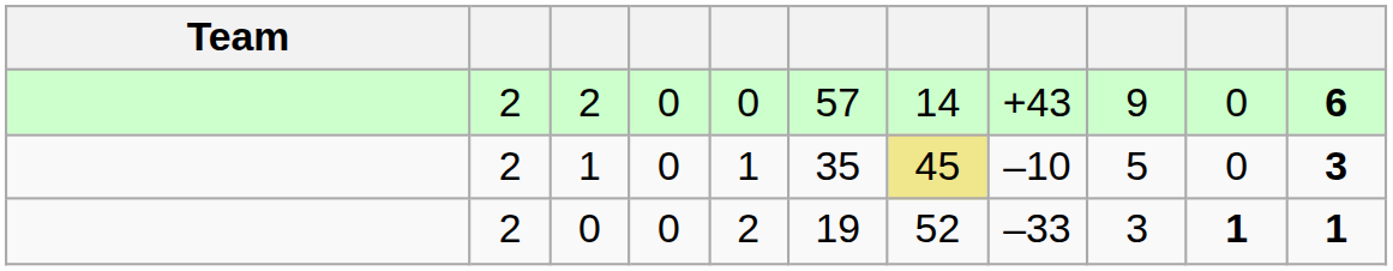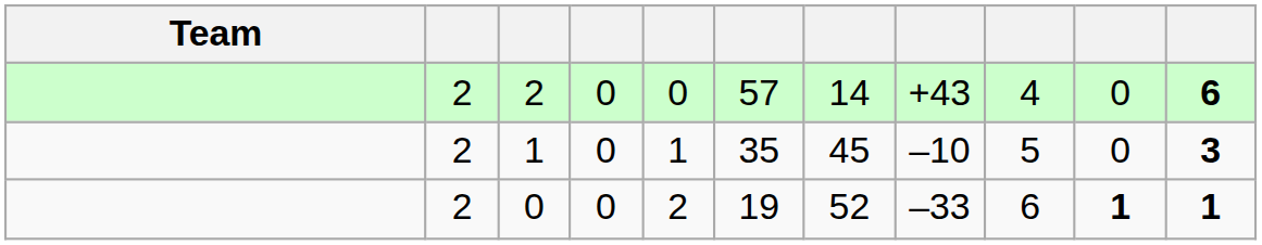 <table class="wikitable" style="text-align:center;">
 <tr>
 <th style="width:11.0em;">Team</th>
 <th style="width:1.5em;"></th>
 <th style="width:1.5em;"></th>
 <th style="width:1.5em;"></th>
 <th style="width:1.5em;"></th>
 <th style="width:2.0em;"></th>
 <th style="width:2.0em;"></th>
 <th style="width:2.0em;"></th>
 <th style="width:2.0em;"></th>
 <th style="width:2.0em;"></th>
 <th style="width:2.0em;"></th>
 </tr>
 <tr bgcolor=#cfc>
 <td align="left"></td>
 <td>2</td>
 <td>2</td>
 <td>0</td>
 <td>0</td>
 <td>57</td>
 <td>14</td>
 <td>+43</td>
-<td>9</td>
+<td>4</td>
 <td>0</td>
 <td><strong>6</strong></td>
 </tr>
 <tr>
 <td align="left"></td>
 <td>2</td>
 <td>1</td>
 <td>0</td>
 <td>1</td>
 <td>35</td>
-<td style="background: khaki;">45</td>
+<td>45</td>
 <td>–10</td>
 <td>5</td>
 <td>0</td>
 <td><strong>3</strong></td>
 </tr>
 <tr>
 <td align="left"></td>
 <td>2</td>
 <td>0</td>
 <td>0</td>
 <td>2</td>
 <td>19</td>
 <td>52</td>
 <td>–33</td>
-<td>3</td>
+<td>6</td>
 <td><strong>1</strong></td>
 <td><strong>1</strong></td>
 </tr>
 </table>
